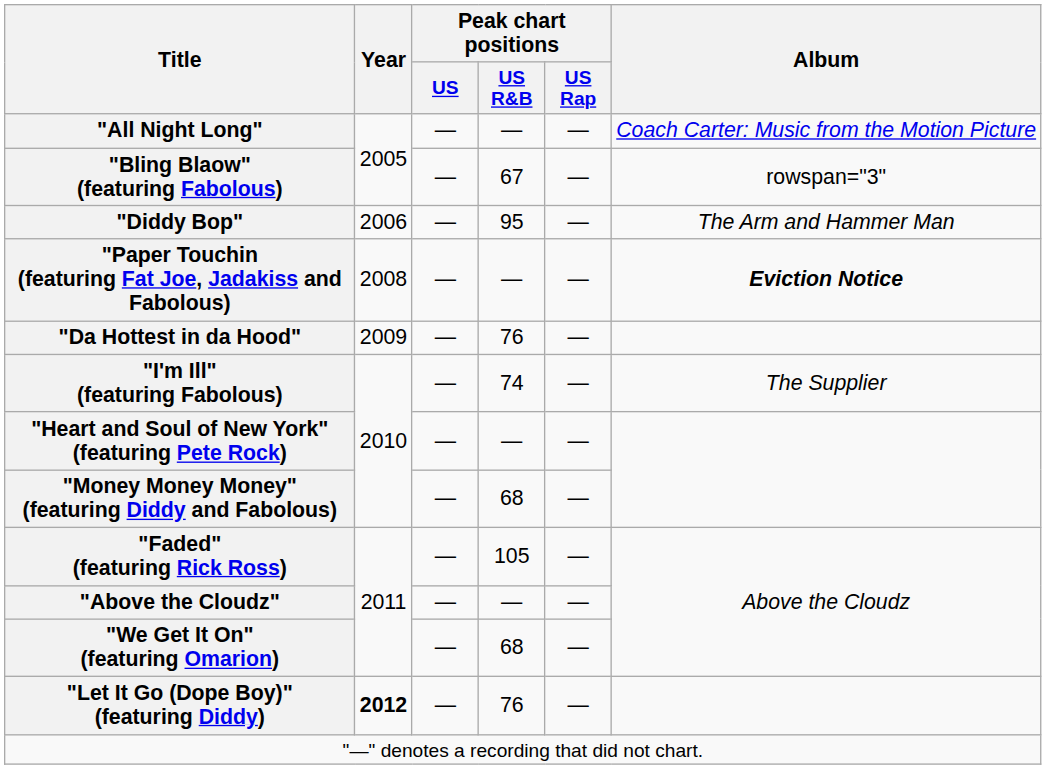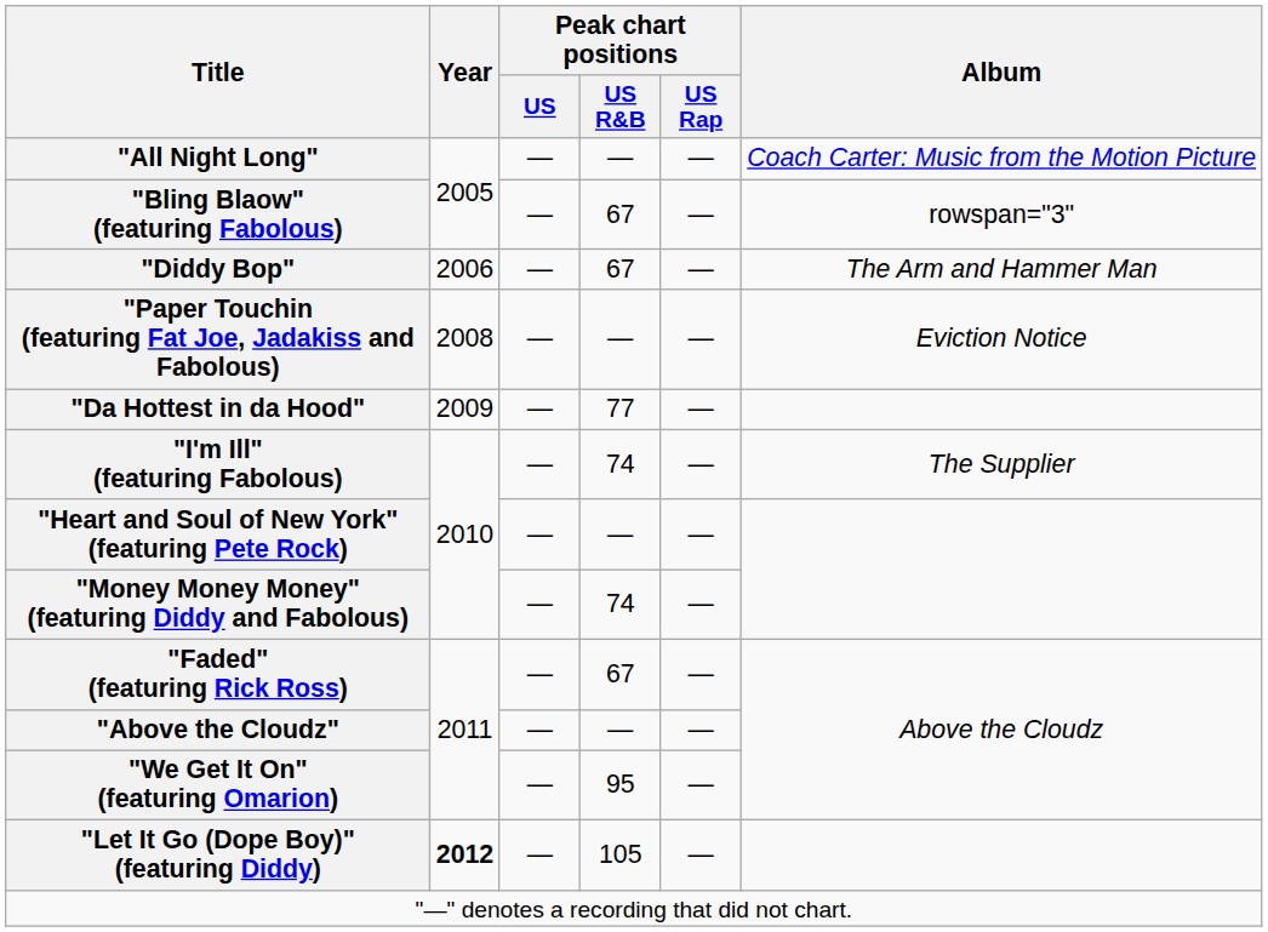 <table class="wikitable plainrowheaders" style="text-align:center;">
 <tr>
 <th scope="col" rowspan="2" style="width:16em;">Title</th>
 <th scope="col" rowspan="2">Year</th>
 <th scope="col" colspan="3">Peak chart positions</th>
 <th scope="col" rowspan="2">Album</th>
 </tr>
 <tr>
 <th style="width:3em; font-size:90%"><a href='#'>US</a><br></th>
 <th style="width:3em; font-size:90%"><a href='#'>US<br>R&B</a><br></th>
 <th style="width:3em; font-size:90%"><a href='#'>US<br>Rap</a><br></th>
 </tr>
 <tr>
 <th scope="row">"All Night Long"</th>
 <td rowspan="2">2005</td>
 <td>—</td>
 <td>—</td>
 <td>—</td>
 <td><em><a href='#'>Coach Carter: Music from the Motion Picture</a></em></td>
 </tr>
 <tr>
 <th scope="row">"Bling Blaow"<br><span>(featuring <a href='#'>Fabolous</a>)</span></th>
 <td>—</td>
 <td>67</td>
 <td>—</td>
 <td>rowspan="3" </td>
 </tr>
 <tr>
 <th scope="row">"Diddy Bop"</th>
 <td>2006</td>
 <td>—</td>
-<td>95</td>
+<td>67</td>
 <td>—</td>
 <td><em>The Arm and Hammer Man</em></td>
 </tr>
 <tr>
 <th scope="row">"Paper Touchin<br><span>(featuring <a href='#'>Fat Joe</a>, <a href='#'>Jadakiss</a> and Fabolous)</span></th>
 <td>2008</td>
 <td>—</td>
 <td>—</td>
 <td>—</td>
-<td><strong><em>Eviction Notice</em></strong></td>
+<td><em>Eviction Notice</em></td>
 </tr>
 <tr>
 <th scope="row">"Da Hottest in da Hood"</th>
 <td>2009</td>
 <td>—</td>
-<td>76</td>
+<td>77</td>
 <td>—</td>
 <td></td>
 </tr>
 <tr>
 <th scope="row">"I'm Ill"<br><span>(featuring Fabolous)</span></th>
 <td rowspan="3">2010</td>
 <td>—</td>
 <td>74</td>
 <td>—</td>
 <td><em>The Supplier</em></td>
 </tr>
 <tr>
 <th scope="row">"Heart and Soul of New York"<br><span>(featuring <a href='#'>Pete Rock</a>)</span></th>
 <td>—</td>
 <td>—</td>
 <td>—</td>
 </tr>
 <tr>
 <th scope="row">"Money Money Money"<br><span>(featuring <a href='#'>Diddy</a> and Fabolous)</span></th>
 <td>—</td>
-<td>68</td>
+<td>74</td>
 <td>—</td>
 </tr>
 <tr>
 <th scope="row">"Faded"<br><span>(featuring <a href='#'>Rick Ross</a>)</span></th>
 <td rowspan="3">2011</td>
 <td>—</td>
-<td>105</td>
+<td>67</td>
 <td>—</td>
 <td rowspan="3"><em>Above the Cloudz</em></td>
 </tr>
 <tr>
 <th scope="row">"Above the Cloudz"</th>
 <td>—</td>
 <td>—</td>
 <td>—</td>
 </tr>
 <tr>
 <th scope="row">"We Get It On"<br><span>(featuring <a href='#'>Omarion</a>)</span></th>
 <td>—</td>
-<td>68</td>
+<td>95</td>
 <td>—</td>
 </tr>
 <tr>
 <th scope="row">"Let It Go (Dope Boy)"<br><span>(featuring <a href='#'>Diddy</a>)</span></th>
 <td><strong>2012</strong></td>
 <td>—</td>
-<td>76</td>
+<td>105</td>
 <td>—</td>
 <td></td>
 </tr>
 <tr>
 <td colspan="6" style="font-size:90%">"—" denotes a recording that did not chart.</td>
 </tr>
 </table>
